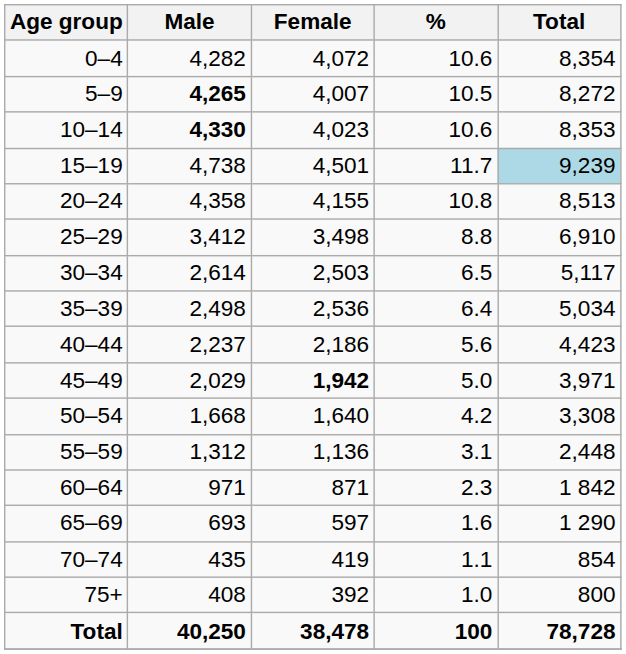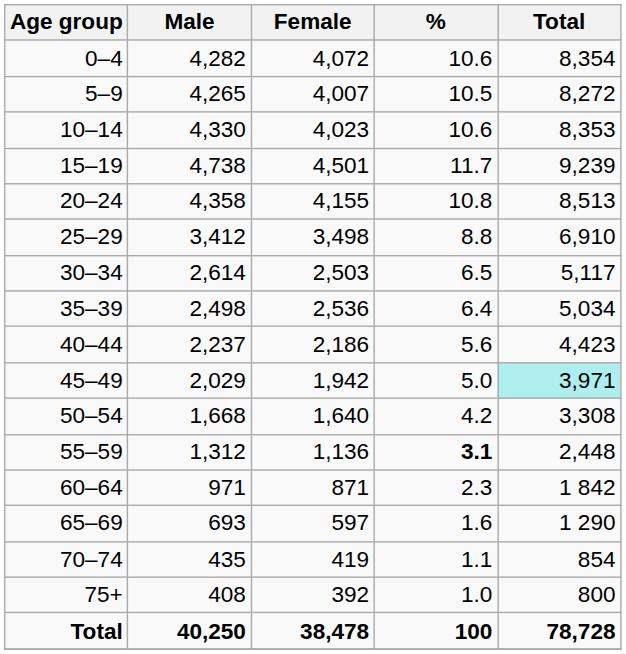 <table class="wikitable">
 <tr>
 <th width="80pt">Age group</th>
 <th width="80pt">Male</th>
 <th width="80pt">Female</th>
 <th width="80pt">%</th>
 <th width="80pt">Total</th>
 </tr>
 <tr>
 <td align="right">0–4</td>
 <td align="right">4,282</td>
 <td align="right">4,072</td>
 <td align="right">10.6</td>
 <td align="right">8,354</td>
 </tr>
 <tr>
 <td align="right">5–9</td>
-<td align="right"><strong>4,265</strong></td>
+<td align="right">4,265</td>
 <td align="right">4,007</td>
 <td align="right">10.5</td>
 <td align="right">8,272</td>
 </tr>
 <tr>
 <td align="right">10–14</td>
-<td align="right"><strong>4,330</strong></td>
+<td align="right">4,330</td>
 <td align="right">4,023</td>
 <td align="right">10.6</td>
 <td align="right">8,353</td>
 </tr>
 <tr>
 <td align="right">15–19</td>
 <td align="right">4,738</td>
 <td align="right">4,501</td>
 <td align="right">11.7</td>
-<td align="right" style="background: lightblue;">9,239</td>
+<td align="right">9,239</td>
 </tr>
 <tr>
 <td align="right">20–24</td>
 <td align="right">4,358</td>
 <td align="right">4,155</td>
 <td align="right">10.8</td>
 <td align="right">8,513</td>
 </tr>
 <tr>
 <td align="right">25–29</td>
 <td align="right">3,412</td>
 <td align="right">3,498</td>
 <td align="right">8.8</td>
 <td align="right">6,910</td>
 </tr>
 <tr>
 <td align="right">30–34</td>
 <td align="right">2,614</td>
 <td align="right">2,503</td>
 <td align="right">6.5</td>
 <td align="right">5,117</td>
 </tr>
 <tr>
 <td align="right">35–39</td>
 <td align="right">2,498</td>
 <td align="right">2,536</td>
 <td align="right">6.4</td>
 <td align="right">5,034</td>
 </tr>
 <tr>
 <td align="right">40–44</td>
 <td align="right">2,237</td>
 <td align="right">2,186</td>
 <td align="right">5.6</td>
 <td align="right">4,423</td>
 </tr>
 <tr>
 <td align="right">45–49</td>
 <td align="right">2,029</td>
-<td align="right"><strong>1,942</strong></td>
+<td align="right">1,942</td>
 <td align="right">5.0</td>
-<td align="right">3,971</td>
+<td align="right" style="background: paleturquoise;">3,971</td>
 </tr>
 <tr>
 <td align="right">50–54</td>
 <td align="right">1,668</td>
 <td align="right">1,640</td>
 <td align="right">4.2</td>
 <td align="right">3,308</td>
 </tr>
 <tr>
 <td align="right">55–59</td>
 <td align="right">1,312</td>
 <td align="right">1,136</td>
-<td align="right">3.1</td>
+<td align="right"><strong>3.1</strong></td>
 <td align="right">2,448</td>
 </tr>
 <tr>
 <td align="right">60–64</td>
 <td align="right">971</td>
 <td align="right">871</td>
 <td align="right">2.3</td>
 <td align="right">1 842</td>
 </tr>
 <tr>
 <td align="right">65–69</td>
 <td align="right">693</td>
 <td align="right">597</td>
 <td align="right">1.6</td>
 <td align="right">1 290</td>
 </tr>
 <tr>
 <td align="right">70–74</td>
 <td align="right">435</td>
 <td align="right">419</td>
 <td align="right">1.1</td>
 <td align="right">854</td>
 </tr>
 <tr>
 <td align="right">75+</td>
 <td align="right">408</td>
 <td align="right">392</td>
 <td align="right">1.0</td>
 <td align="right">800</td>
 </tr>
 <tr>
 <td align="right"><strong>Total</strong></td>
 <td align="right"><strong>40,250</strong></td>
 <td align="right"><strong>38,478</strong></td>
 <td align="right"><strong>100</strong></td>
 <td align="right"><strong>78,728</strong></td>
 </tr>
 <tr>
 </tr>
 </table>
